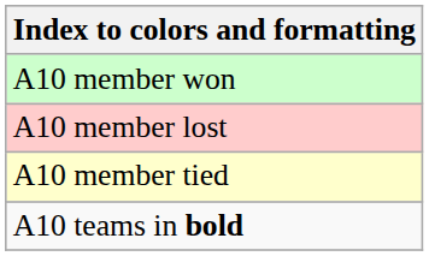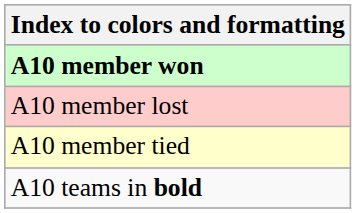 <table class="wikitable">
 <tr>
 <th>Index to colors and formatting</th>
 </tr>
 <tr style="background:#cfc;">
-<td>A10 member won</td>
+<td><strong>A10 member won</strong></td>
 </tr>
 <tr style="background:#fcc;">
 <td>A10 member lost</td>
 </tr>
 <tr style="background:#ffc;">
 <td>A10 member tied</td>
 </tr>
 <tr>
 <td>A10 teams in <strong>bold</strong></td>
 </tr>
 </table>
